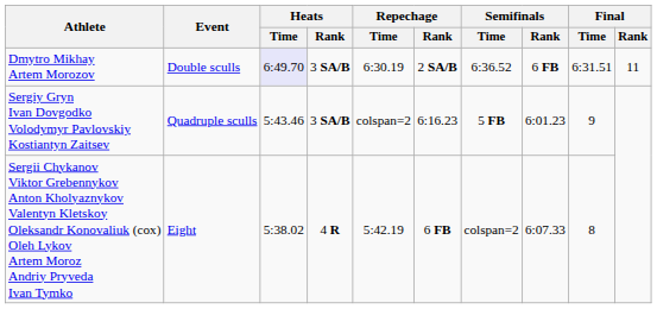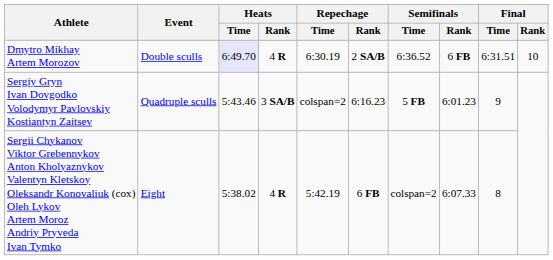 <table class="wikitable" style="font-size:90%">
 <tr>
 <th rowspan="2">Athlete</th>
 <th rowspan="2">Event</th>
 <th colspan="2">Heats</th>
 <th colspan="2">Repechage</th>
 <th colspan="2">Semifinals</th>
 <th colspan="2">Final</th>
 </tr>
 <tr style="font-size:95%">
 <th>Time</th>
 <th>Rank</th>
 <th>Time</th>
 <th>Rank</th>
 <th>Time</th>
 <th>Rank</th>
 <th>Time</th>
 <th>Rank</th>
 </tr>
 <tr align=center>
 <td align=left><a href='#'>Dmytro Mikhay</a><br><a href='#'>Artem Morozov</a></td>
 <td align=left><a href='#'>Double sculls</a></td>
 <td style="background: lavender;">6:49.70</td>
-<td>3 <strong>SA/B</strong></td>
+<td>4 <strong>R</strong></td>
 <td>6:30.19</td>
 <td>2 <strong>SA/B</strong></td>
 <td>6:36.52</td>
 <td>6 <strong>FB</strong></td>
 <td>6:31.51</td>
-<td>11</td>
+<td>10</td>
 </tr>
 <tr align=center>
 <td align=left><a href='#'>Sergiy Gryn</a><br><a href='#'>Ivan Dovgodko</a><br><a href='#'>Volodymyr Pavlovskiy</a><br><a href='#'>Kostiantyn Zaitsev</a></td>
 <td align=left><a href='#'>Quadruple sculls</a></td>
 <td>5:43.46</td>
 <td>3 <strong>SA/B</strong></td>
 <td>colspan=2 </td>
 <td>6:16.23</td>
 <td>5 <strong>FB</strong></td>
 <td>6:01.23</td>
 <td>9</td>
 </tr>
 <tr align=center>
 <td align=left><a href='#'>Sergii Chykanov</a><br><a href='#'>Viktor Grebennykov</a><br><a href='#'>Anton Kholyaznykov</a><br><a href='#'>Valentyn Kletskoy</a><br><a href='#'>Oleksandr Konovaliuk</a> (cox)<br><a href='#'>Oleh Lykov</a><br><a href='#'>Artem Moroz</a><br><a href='#'>Andriy Pryveda</a><br><a href='#'>Ivan Tymko</a></td>
 <td align=left><a href='#'>Eight</a></td>
 <td>5:38.02</td>
 <td>4 <strong>R</strong></td>
 <td>5:42.19</td>
 <td>6 <strong>FB</strong></td>
 <td>colspan=2 </td>
 <td>6:07.33</td>
 <td>8</td>
 </tr>
 </table>
